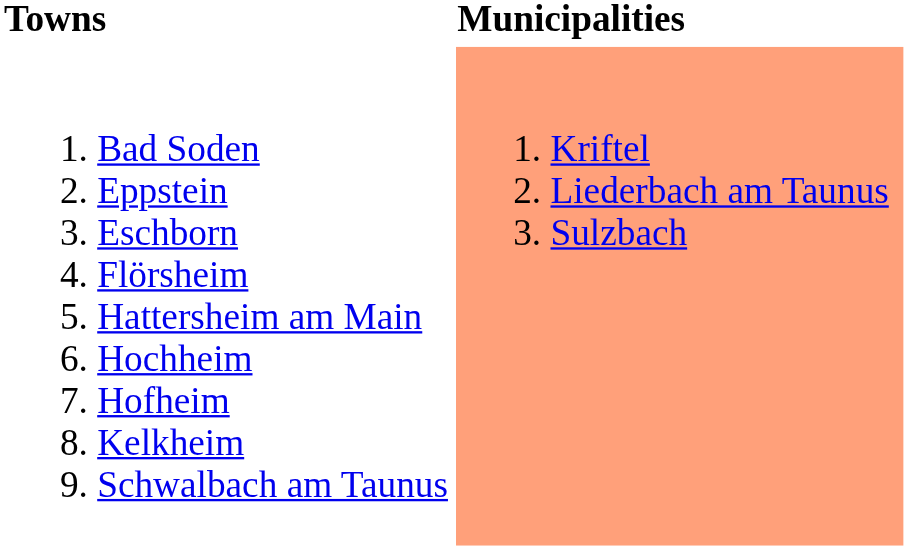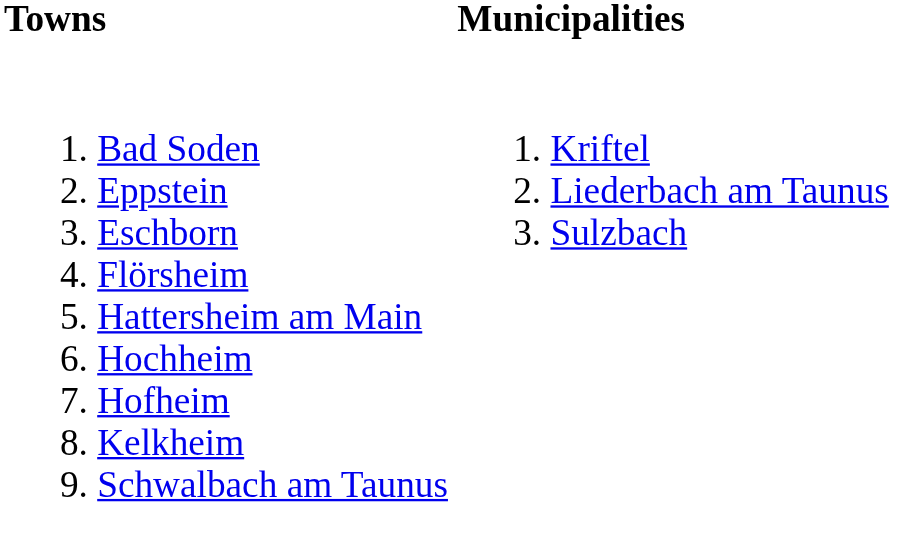 <table>
 <tr>
 <th align=left width=50%>Towns</th>
 <th align=left width=50%>Municipalities</th>
 </tr>
 <tr valign=top>
 <td><br><ol><li><a href='#'>Bad Soden</a></li><li><a href='#'>Eppstein</a></li><li><a href='#'>Eschborn</a></li><li><a href='#'>Flörsheim</a></li><li><a href='#'>Hattersheim am Main</a></li><li><a href='#'>Hochheim</a></li><li><a href='#'>Hofheim</a></li><li><a href='#'>Kelkheim</a></li><li><a href='#'>Schwalbach am Taunus</a></li></ol></td>
-<td style="background: lightsalmon;"><br><ol><li><a href='#'>Kriftel</a></li><li><a href='#'>Liederbach am Taunus</a></li><li><a href='#'>Sulzbach</a></li></ol></td>
+<td><br><ol><li><a href='#'>Kriftel</a></li><li><a href='#'>Liederbach am Taunus</a></li><li><a href='#'>Sulzbach</a></li></ol></td>
 </tr>
 </table>
